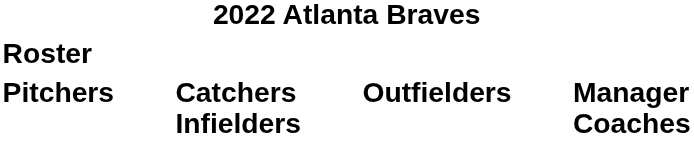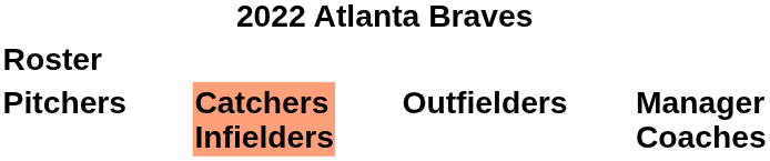 <table class="toccolours" style="font-size: 95%;">
 <tr>
 <th colspan="10">2022 Atlanta Braves</th>
 </tr>
 <tr>
 <td colspan="10"><strong>Roster</strong></td>
 </tr>
 <tr>
 <td valign="top"><strong>Pitchers</strong><br>                            </td>
 <td style="width:25px;"></td>
-<td valign="top"><strong>Catchers</strong><br>    <strong>Infielders</strong>           </td>
+<td valign="top" style="background: lightsalmon;"><strong>Catchers</strong><br>    <strong>Infielders</strong>           </td>
 <td style="width:25px;"></td>
 <td valign="top"><strong>Outfielders</strong><br>        </td>
 <td width="25px"></td>
 <td valign="top"><strong>Manager</strong><br> <strong>Coaches</strong>                            </td>
 </tr>
 </table>
